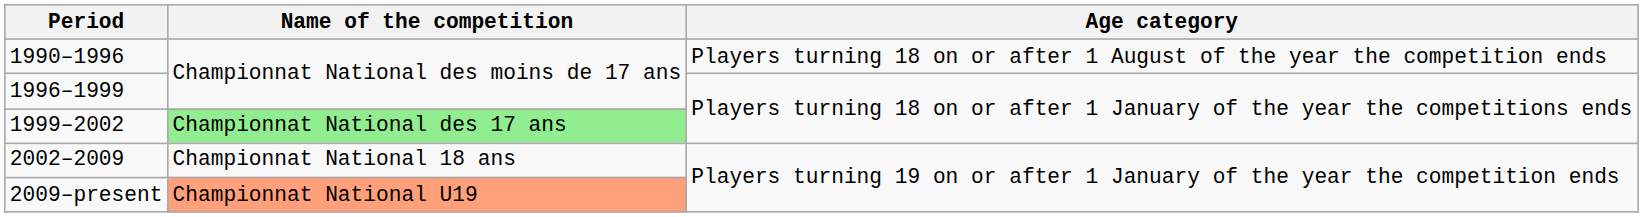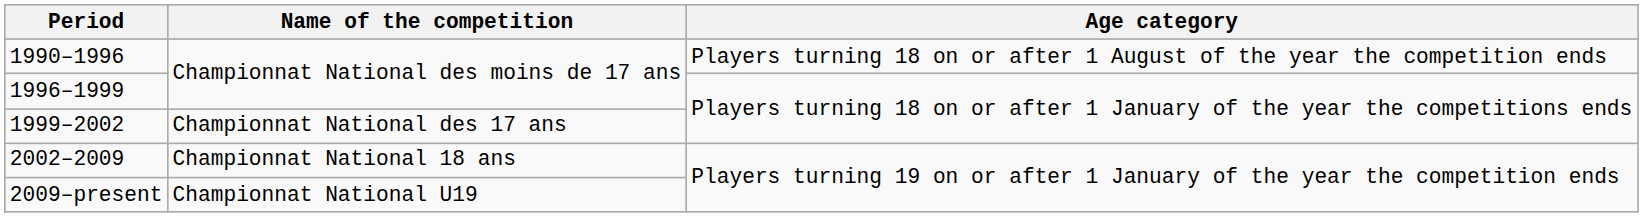 <table class="wikitable">
 <tr>
 <th>Period</th>
 <th>Name of the competition</th>
 <th>Age category</th>
 </tr>
 <tr>
 <td>1990–1996</td>
 <td rowspan="2">Championnat National des moins de 17 ans</td>
 <td>Players turning 18 on or after 1 August of the year the competition ends</td>
 </tr>
 <tr>
 <td>1996–1999</td>
 <td rowspan="2">Players turning 18 on or after 1 January of the year the competitions ends</td>
 </tr>
 <tr>
 <td>1999–2002</td>
-<td style="background: lightgreen;">Championnat National des 17 ans</td>
+<td>Championnat National des 17 ans</td>
 </tr>
 <tr>
 <td>2002–2009</td>
 <td>Championnat National 18 ans</td>
 <td rowspan="2">Players turning 19 on or after 1 January of the year the competition ends</td>
 </tr>
 <tr>
 <td>2009–present</td>
-<td style="background: lightsalmon;">Championnat National U19</td>
+<td>Championnat National U19</td>
 </tr>
 </table>
